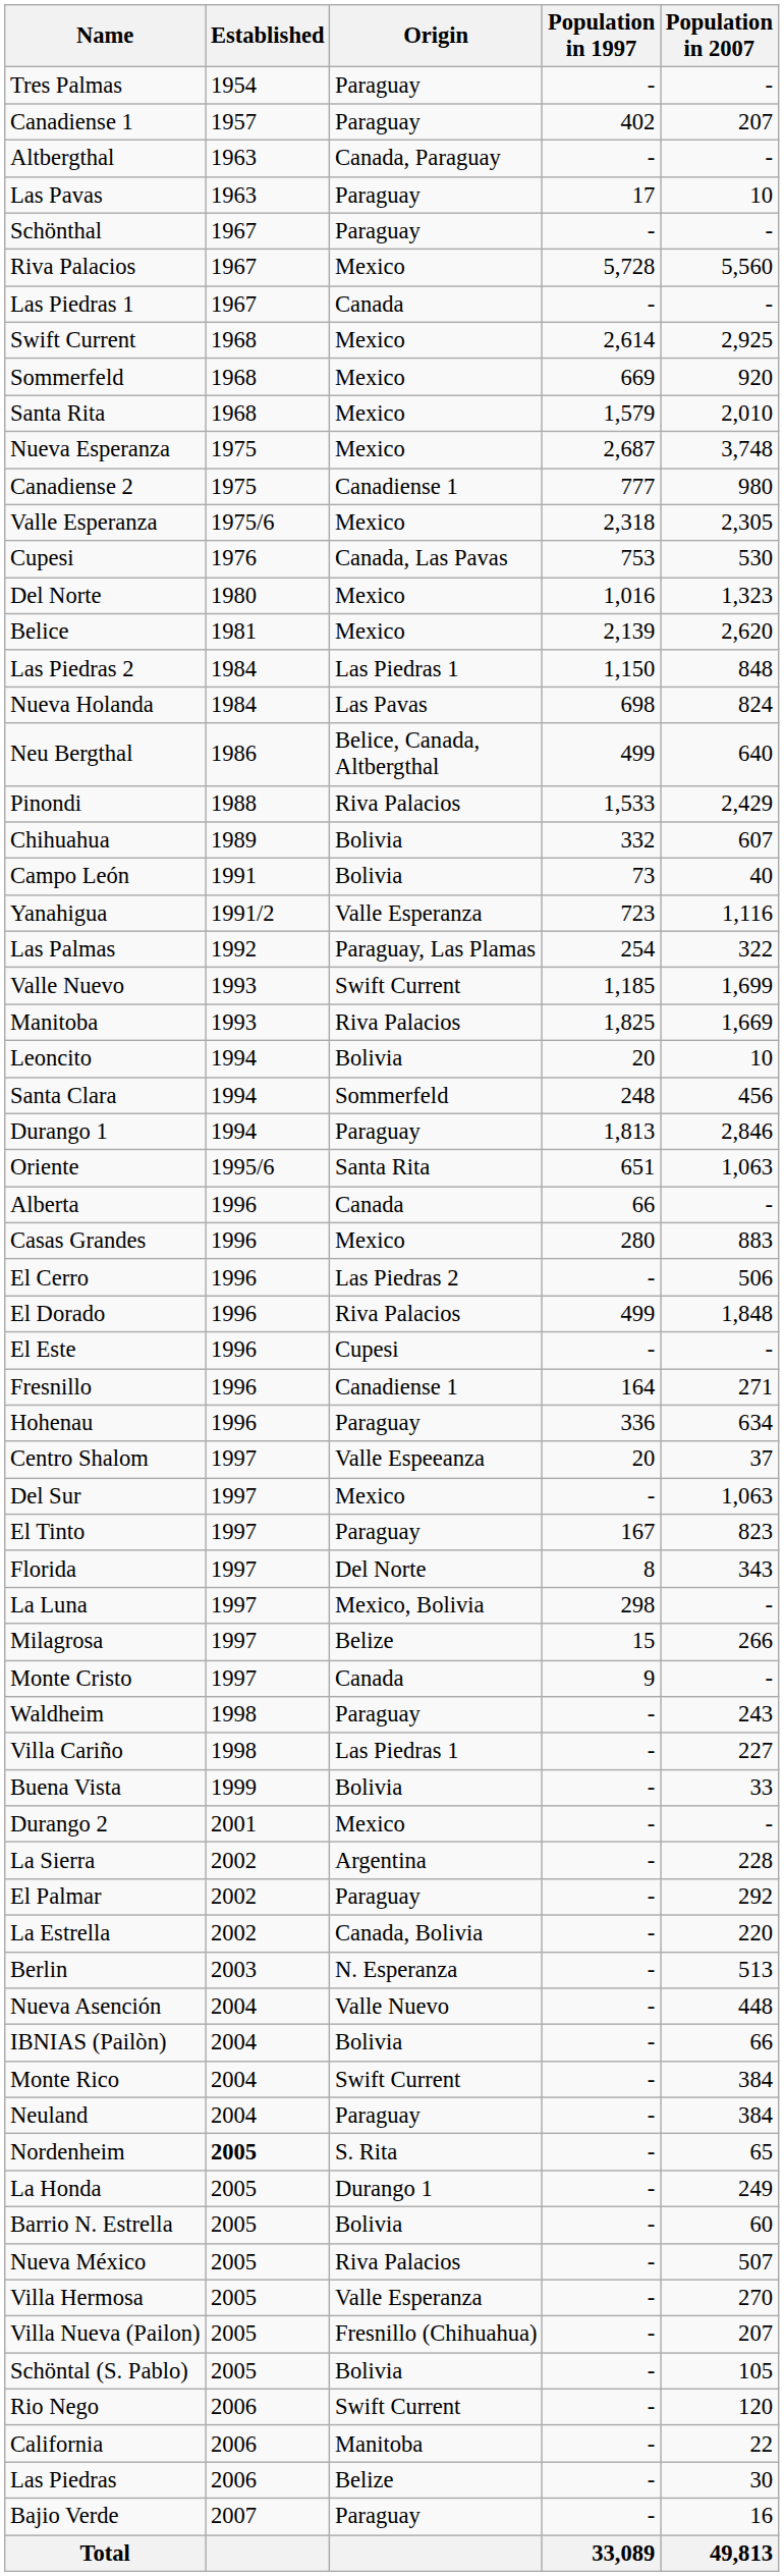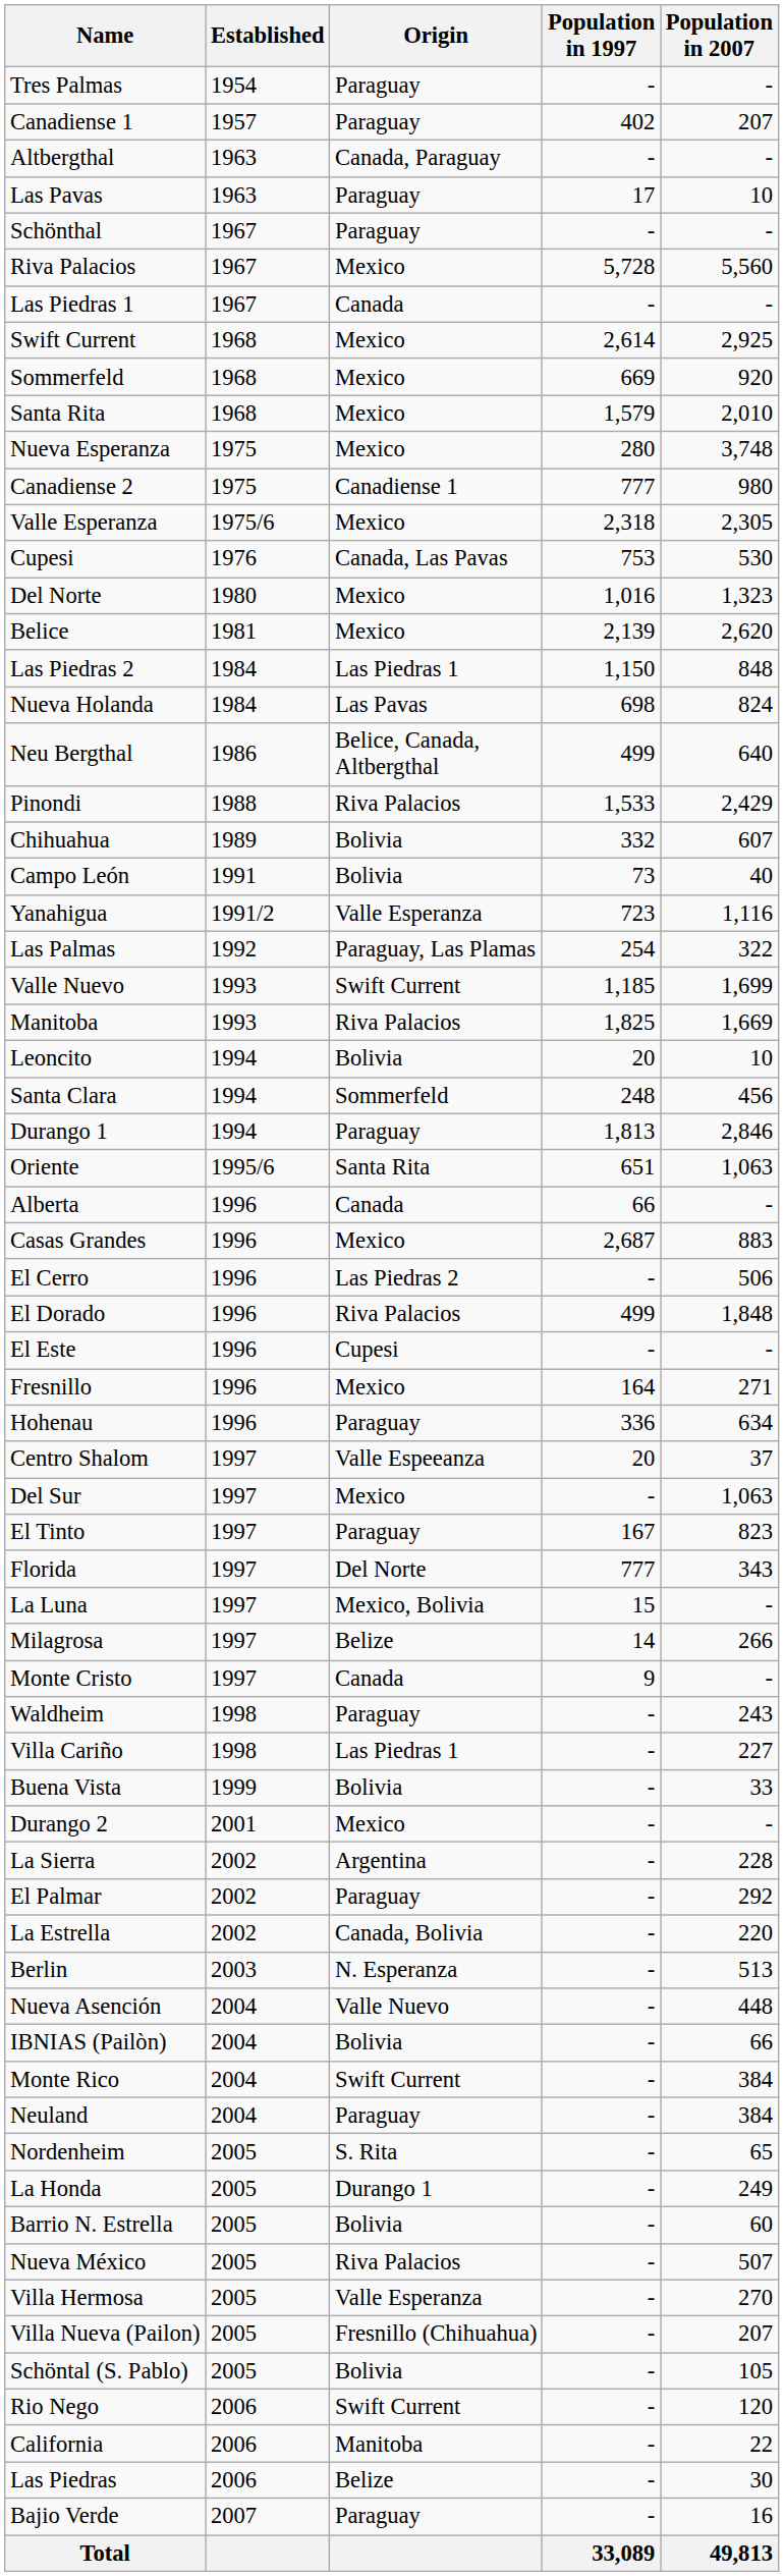 <table class="wikitable sortable">
 <tr>
 <th>Name</th>
 <th>Estab­lished</th>
 <th>Origin</th>
 <th>Population<br> in 1997</th>
 <th>Population<br>in 2007</th>
 </tr>
 <tr>
 <td>Tres Palmas</td>
 <td>1954</td>
 <td>Paraguay</td>
 <td style="text-align: right;">-</td>
 <td style="text-align: right;">-</td>
 </tr>
 <tr>
 <td>Canadiense 1</td>
 <td>1957</td>
 <td>Paraguay</td>
 <td style="text-align: right;">402</td>
 <td style="text-align: right;">207</td>
 </tr>
 <tr>
 <td>Altbergthal</td>
 <td>1963</td>
 <td>Canada, Paraguay</td>
 <td style="text-align: right;">-</td>
 <td style="text-align: right;">-</td>
 </tr>
 <tr>
 <td>Las Pavas</td>
 <td>1963</td>
 <td>Paraguay</td>
 <td style="text-align: right;">17</td>
 <td style="text-align: right;">10</td>
 </tr>
 <tr>
 <td>Schönthal</td>
 <td>1967</td>
 <td>Paraguay</td>
 <td style="text-align: right;">-</td>
 <td style="text-align: right;">-</td>
 </tr>
 <tr>
 <td>Riva Palacios</td>
 <td>1967</td>
 <td>Mexico</td>
 <td style="text-align: right;">5,728</td>
 <td style="text-align: right;">5,560</td>
 </tr>
 <tr>
 <td>Las Piedras 1</td>
 <td>1967</td>
 <td>Canada</td>
 <td style="text-align: right;">-</td>
 <td style="text-align: right;">-</td>
 </tr>
 <tr>
 <td>Swift Current</td>
 <td>1968</td>
 <td>Mexico</td>
 <td style="text-align: right;">2,614</td>
 <td style="text-align: right;">2,925</td>
 </tr>
 <tr>
 <td>Sommerfeld</td>
 <td>1968</td>
 <td>Mexico</td>
 <td style="text-align: right;">669</td>
 <td style="text-align: right;">920</td>
 </tr>
 <tr>
 <td>Santa Rita</td>
 <td>1968</td>
 <td>Mexico</td>
 <td style="text-align: right;">1,579</td>
 <td style="text-align: right;">2,010</td>
 </tr>
 <tr>
 <td>Nueva Esperanza</td>
 <td>1975</td>
 <td>Mexico</td>
-<td style="text-align: right;">2,687</td>
+<td style="text-align: right;">280</td>
 <td style="text-align: right;">3,748</td>
 </tr>
 <tr>
 <td>Canadiense 2</td>
 <td>1975</td>
 <td>Canadiense 1</td>
 <td style="text-align: right;">777</td>
 <td style="text-align: right;">980</td>
 </tr>
 <tr>
 <td>Valle Esperanza</td>
 <td>1975/6</td>
 <td>Mexico</td>
 <td style="text-align: right;">2,318</td>
 <td style="text-align: right;">2,305</td>
 </tr>
 <tr>
 <td>Cupesi</td>
 <td>1976</td>
 <td>Canada, Las Pavas</td>
 <td style="text-align: right;">753</td>
 <td style="text-align: right;">530</td>
 </tr>
 <tr>
 <td>Del Norte</td>
 <td>1980</td>
 <td>Mexico</td>
 <td style="text-align: right;">1,016</td>
 <td style="text-align: right;">1,323</td>
 </tr>
 <tr>
 <td>Belice</td>
 <td>1981</td>
 <td>Mexico</td>
 <td style="text-align: right;">2,139</td>
 <td style="text-align: right;">2,620</td>
 </tr>
 <tr>
 <td>Las Piedras 2</td>
 <td>1984</td>
 <td>Las Piedras 1</td>
 <td style="text-align: right;">1,150</td>
 <td style="text-align: right;">848</td>
 </tr>
 <tr>
 <td>Nueva Holanda</td>
 <td>1984</td>
 <td>Las Pavas</td>
 <td style="text-align: right;">698</td>
 <td style="text-align: right;">824</td>
 </tr>
 <tr>
 <td>Neu Bergthal</td>
 <td>1986</td>
 <td>Belice, Canada,<br> Altbergthal</td>
 <td style="text-align: right;">499</td>
 <td style="text-align: right;">640</td>
 </tr>
 <tr>
 <td>Pinondi</td>
 <td>1988</td>
 <td>Riva Palacios</td>
 <td style="text-align: right;">1,533</td>
 <td style="text-align: right;">2,429</td>
 </tr>
 <tr>
 <td>Chihuahua</td>
 <td>1989</td>
 <td>Bolivia</td>
 <td style="text-align: right;">332</td>
 <td style="text-align: right;">607</td>
 </tr>
 <tr>
 <td>Campo León</td>
 <td>1991</td>
 <td>Bolivia</td>
 <td style="text-align: right;">73</td>
 <td style="text-align: right;">40</td>
 </tr>
 <tr>
 <td>Yanahigua</td>
 <td>1991/2</td>
 <td>Valle Esperanza</td>
 <td style="text-align: right;">723</td>
 <td style="text-align: right;">1,116</td>
 </tr>
 <tr>
 <td>Las Palmas</td>
 <td>1992</td>
 <td>Paraguay, Las Plamas</td>
 <td style="text-align: right;">254</td>
 <td style="text-align: right;">322</td>
 </tr>
 <tr>
 <td>Valle Nuevo</td>
 <td>1993</td>
 <td>Swift Current</td>
 <td style="text-align: right;">1,185</td>
 <td style="text-align: right;">1,699</td>
 </tr>
 <tr>
 <td>Manitoba</td>
 <td>1993</td>
 <td>Riva Palacios</td>
 <td style="text-align: right;">1,825</td>
 <td style="text-align: right;">1,669</td>
 </tr>
 <tr>
 <td>Leoncito</td>
 <td>1994</td>
 <td>Bolivia</td>
 <td style="text-align: right;">20</td>
 <td style="text-align: right;">10</td>
 </tr>
 <tr>
 <td>Santa Clara</td>
 <td>1994</td>
 <td>Sommerfeld</td>
 <td style="text-align: right;">248</td>
 <td style="text-align: right;">456</td>
 </tr>
 <tr>
 <td>Durango 1</td>
 <td>1994</td>
 <td>Paraguay</td>
 <td style="text-align: right;">1,813</td>
 <td style="text-align: right;">2,846</td>
 </tr>
 <tr>
 <td>Oriente</td>
 <td>1995/6</td>
 <td>Santa Rita</td>
 <td style="text-align: right;">651</td>
 <td style="text-align: right;">1,063</td>
 </tr>
 <tr>
 <td>Alberta</td>
 <td>1996</td>
 <td>Canada</td>
 <td style="text-align: right;">66</td>
 <td style="text-align: right;">-</td>
 </tr>
 <tr>
 <td>Casas Grandes</td>
 <td>1996</td>
 <td>Mexico</td>
-<td style="text-align: right;">280</td>
+<td style="text-align: right;">2,687</td>
 <td style="text-align: right;">883</td>
 </tr>
 <tr>
 <td>El Cerro</td>
 <td>1996</td>
 <td>Las Piedras 2</td>
 <td style="text-align: right;">-</td>
 <td style="text-align: right;">506</td>
 </tr>
 <tr>
 <td>El Dorado</td>
 <td>1996</td>
 <td>Riva Palacios</td>
 <td style="text-align: right;">499</td>
 <td style="text-align: right;">1,848</td>
 </tr>
 <tr>
 <td>El Este</td>
 <td>1996</td>
 <td>Cupesi</td>
 <td style="text-align: right;">-</td>
 <td style="text-align: right;">-</td>
 </tr>
 <tr>
 <td>Fresnillo</td>
 <td>1996</td>
-<td>Canadiense 1</td>
+<td>Mexico</td>
 <td style="text-align: right;">164</td>
 <td style="text-align: right;">271</td>
 </tr>
 <tr>
 <td>Hohenau</td>
 <td>1996</td>
 <td>Paraguay</td>
 <td style="text-align: right;">336</td>
 <td style="text-align: right;">634</td>
 </tr>
 <tr>
 <td>Centro Shalom</td>
 <td>1997</td>
 <td>Valle Espeeanza</td>
 <td style="text-align: right;">20</td>
 <td style="text-align: right;">37</td>
 </tr>
 <tr>
 <td>Del Sur</td>
 <td>1997</td>
 <td>Mexico</td>
 <td style="text-align: right;">-</td>
 <td style="text-align: right;">1,063</td>
 </tr>
 <tr>
 <td>El Tinto</td>
 <td>1997</td>
 <td>Paraguay</td>
 <td style="text-align: right;">167</td>
 <td style="text-align: right;">823</td>
 </tr>
 <tr>
 <td>Florida</td>
 <td>1997</td>
 <td>Del Norte</td>
-<td style="text-align: right;">8</td>
+<td style="text-align: right;">777</td>
 <td style="text-align: right;">343</td>
 </tr>
 <tr>
 <td>La Luna</td>
 <td>1997</td>
 <td>Mexico, Bolivia</td>
-<td style="text-align: right;">298</td>
+<td style="text-align: right;">15</td>
 <td style="text-align: right;">-</td>
 </tr>
 <tr>
 <td>Milagrosa</td>
 <td>1997</td>
 <td>Belize</td>
-<td style="text-align: right;">15</td>
+<td style="text-align: right;">14</td>
 <td style="text-align: right;">266</td>
 </tr>
 <tr>
 <td>Monte Cristo</td>
 <td>1997</td>
 <td>Canada</td>
 <td style="text-align: right;">9</td>
 <td style="text-align: right;">-</td>
 </tr>
 <tr>
 <td>Waldheim</td>
 <td>1998</td>
 <td>Paraguay</td>
 <td style="text-align: right;">-</td>
 <td style="text-align: right;">243</td>
 </tr>
 <tr>
 <td>Villa Cariño</td>
 <td>1998</td>
 <td>Las Piedras 1</td>
 <td style="text-align: right;">-</td>
 <td style="text-align: right;">227</td>
 </tr>
 <tr>
 <td>Buena Vista</td>
 <td>1999</td>
 <td>Bolivia</td>
 <td style="text-align: right;">-</td>
 <td style="text-align: right;">33</td>
 </tr>
 <tr>
 <td>Durango 2</td>
 <td>2001</td>
 <td>Mexico</td>
 <td style="text-align: right;">-</td>
 <td style="text-align: right;">-</td>
 </tr>
 <tr>
 <td>La Sierra</td>
 <td>2002</td>
 <td>Argentina</td>
 <td style="text-align: right;">-</td>
 <td style="text-align: right;">228</td>
 </tr>
 <tr>
 <td>El Palmar</td>
 <td>2002</td>
 <td>Paraguay</td>
 <td style="text-align: right;">-</td>
 <td style="text-align: right;">292</td>
 </tr>
 <tr>
 <td>La Estrella</td>
 <td>2002</td>
 <td>Canada, Bolivia</td>
 <td style="text-align: right;">-</td>
 <td style="text-align: right;">220</td>
 </tr>
 <tr>
 <td>Berlin</td>
 <td>2003</td>
 <td>N. Esperanza</td>
 <td style="text-align: right;">-</td>
 <td style="text-align: right;">513</td>
 </tr>
 <tr>
 <td>Nueva Asención</td>
 <td>2004</td>
 <td>Valle Nuevo</td>
 <td style="text-align: right;">-</td>
 <td style="text-align: right;">448</td>
 </tr>
 <tr>
 <td>IBNIAS (Pailòn)</td>
 <td>2004</td>
 <td>Bolivia</td>
 <td style="text-align: right;">-</td>
 <td style="text-align: right;">66</td>
 </tr>
 <tr>
 <td>Monte Rico</td>
 <td>2004</td>
 <td>Swift Current</td>
 <td style="text-align: right;">-</td>
 <td style="text-align: right;">384</td>
 </tr>
 <tr>
 <td>Neuland</td>
 <td>2004</td>
 <td>Paraguay</td>
 <td style="text-align: right;">-</td>
 <td style="text-align: right;">384</td>
 </tr>
 <tr>
 <td>Nordenheim</td>
-<td><strong>2005</strong></td>
+<td>2005</td>
 <td>S. Rita</td>
 <td style="text-align: right;">-</td>
 <td style="text-align: right;">65</td>
 </tr>
 <tr>
 <td>La Honda</td>
 <td>2005</td>
 <td>Durango 1</td>
 <td style="text-align: right;">-</td>
 <td style="text-align: right;">249</td>
 </tr>
 <tr>
 <td>Barrio N. Estrella</td>
 <td>2005</td>
 <td>Bolivia</td>
 <td style="text-align: right;">-</td>
 <td style="text-align: right;">60</td>
 </tr>
 <tr>
 <td>Nueva México</td>
 <td>2005</td>
 <td>Riva Palacios</td>
 <td style="text-align: right;">-</td>
 <td style="text-align: right;">507</td>
 </tr>
 <tr>
 <td>Villa Hermosa</td>
 <td>2005</td>
 <td>Valle Esperanza</td>
 <td style="text-align: right;">-</td>
 <td style="text-align: right;">270</td>
 </tr>
 <tr>
 <td>Villa Nueva (Pailon)</td>
 <td>2005</td>
 <td>Fresnillo (Chihuahua)</td>
 <td style="text-align: right;">-</td>
 <td style="text-align: right;">207</td>
 </tr>
 <tr>
 <td>Schöntal (S. Pablo)</td>
 <td>2005</td>
 <td>Bolivia</td>
 <td style="text-align: right;">-</td>
 <td style="text-align: right;">105</td>
 </tr>
 <tr>
 <td>Rio Nego</td>
 <td>2006</td>
 <td>Swift Current</td>
 <td style="text-align: right;">-</td>
 <td style="text-align: right;">120</td>
 </tr>
 <tr>
 <td>California</td>
 <td>2006</td>
 <td>Manitoba</td>
 <td style="text-align: right;">-</td>
 <td style="text-align: right;">22</td>
 </tr>
 <tr>
 <td>Las Piedras</td>
 <td>2006</td>
 <td>Belize</td>
 <td style="text-align: right;">-</td>
 <td style="text-align: right;">30</td>
 </tr>
 <tr>
 <td>Bajio Verde</td>
 <td>2007</td>
 <td>Paraguay</td>
 <td style="text-align: right;">-</td>
 <td style="text-align: right;">16</td>
 </tr>
 <tr>
 <th>Total</th>
 <th></th>
 <th></th>
 <th style="text-align: right;">33,089</th>
 <th style="text-align: right;">49,813</th>
 </tr>
 </table>
